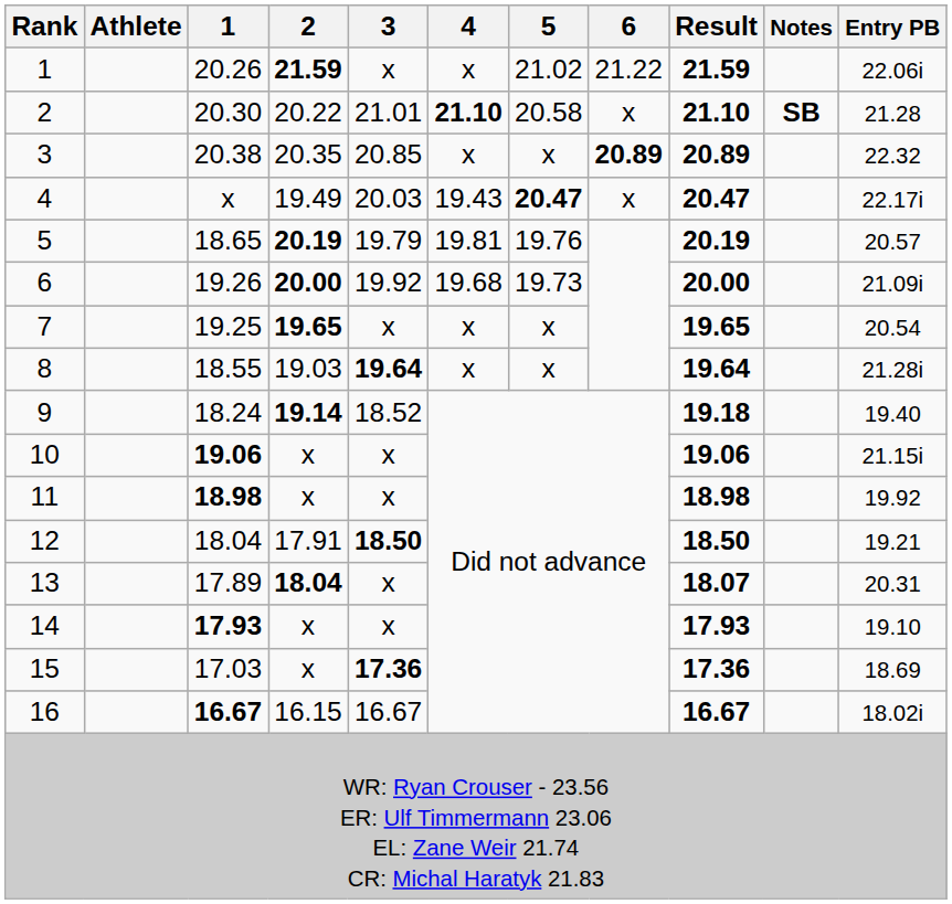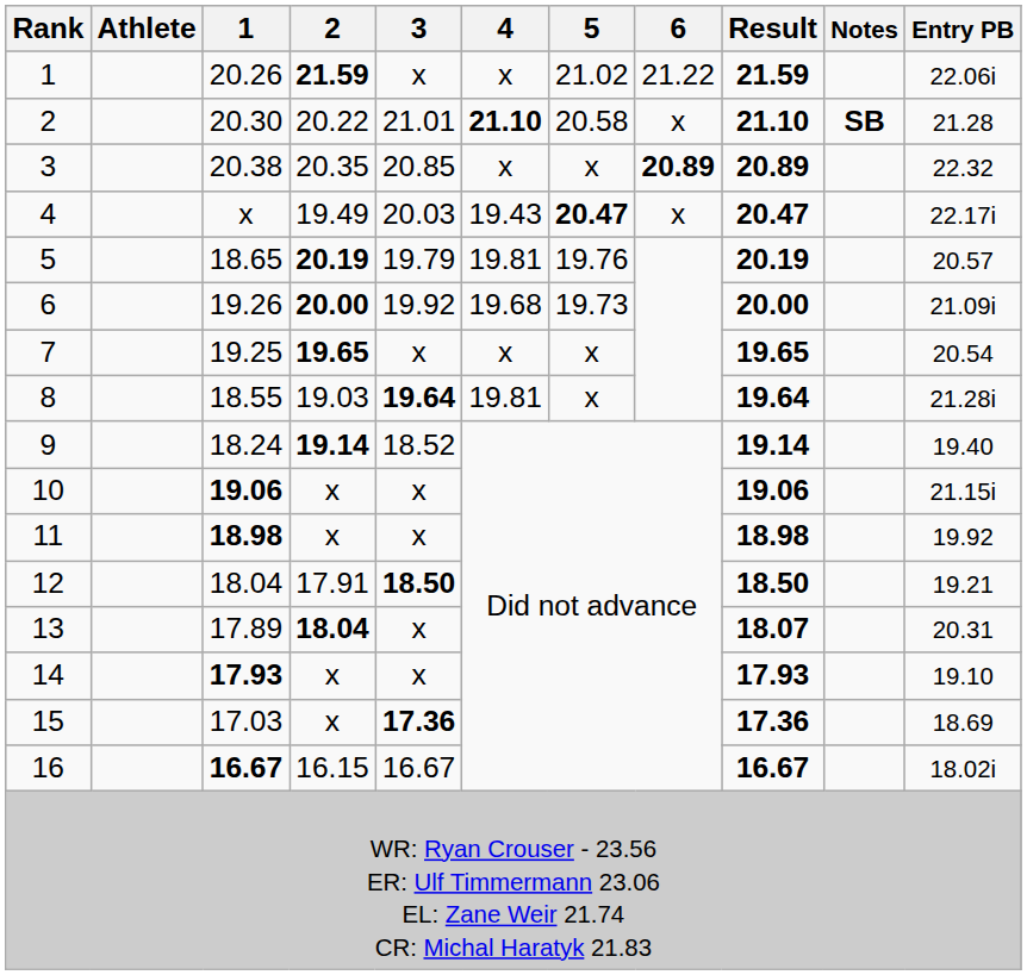 <table class="wikitable sortable" style="text-align:center;">
 <tr>
 <th>Rank</th>
 <th>Athlete</th>
 <th>1</th>
 <th>2</th>
 <th>3</th>
 <th>4</th>
 <th>5</th>
 <th>6</th>
 <th>Result</th>
 <th><small>Notes</small></th>
 <th><small>Entry PB</small></th>
 </tr>
 <tr>
 <td>1</td>
 <td align=left></td>
 <td>20.26</td>
 <td><strong>21.59</strong></td>
 <td>x</td>
 <td>x</td>
 <td>21.02</td>
 <td>21.22</td>
 <td><strong>21.59</strong></td>
 <td></td>
 <td><small>22.06i</small></td>
 </tr>
 <tr>
 <td>2</td>
 <td align=left></td>
 <td>20.30</td>
 <td>20.22</td>
 <td>21.01</td>
 <td><strong>21.10</strong></td>
 <td>20.58</td>
 <td>x</td>
 <td><strong>21.10</strong></td>
 <td> <strong>SB</strong></td>
 <td><small>21.28</small></td>
 </tr>
 <tr>
 <td>3</td>
 <td align=left></td>
 <td>20.38</td>
 <td>20.35</td>
 <td>20.85</td>
 <td>x</td>
 <td>x</td>
 <td><strong>20.89</strong></td>
 <td><strong>20.89</strong></td>
 <td></td>
 <td><small>22.32</small></td>
 </tr>
 <tr>
 <td>4</td>
 <td align=left></td>
 <td>x</td>
 <td>19.49</td>
 <td>20.03</td>
 <td>19.43</td>
 <td><strong>20.47</strong></td>
 <td>x</td>
 <td><strong>20.47</strong></td>
 <td></td>
 <td><small>22.17i</small></td>
 </tr>
 <tr>
 <td>5</td>
 <td align=left></td>
 <td>18.65</td>
 <td><strong>20.19</strong></td>
 <td>19.79</td>
 <td>19.81</td>
 <td>19.76</td>
 <td rowspan=4></td>
 <td><strong>20.19</strong></td>
 <td></td>
 <td><small>20.57</small></td>
 </tr>
 <tr>
 <td>6</td>
 <td align=left></td>
 <td>19.26</td>
 <td><strong>20.00</strong></td>
 <td>19.92</td>
 <td>19.68</td>
 <td>19.73</td>
 <td><strong>20.00</strong></td>
 <td></td>
 <td><small>21.09i</small></td>
 </tr>
 <tr>
 <td>7</td>
 <td align=left></td>
 <td>19.25</td>
 <td><strong>19.65</strong></td>
 <td>x</td>
 <td>x</td>
 <td>x</td>
 <td><strong>19.65</strong></td>
 <td></td>
 <td><small>20.54</small></td>
 </tr>
 <tr>
 <td>8</td>
 <td align=left></td>
 <td>18.55</td>
 <td>19.03</td>
 <td><strong>19.64</strong></td>
-<td>x</td>
+<td>19.81</td>
 <td>x</td>
 <td><strong>19.64</strong></td>
 <td></td>
 <td><small>21.28i</small></td>
 </tr>
 <tr>
 <td>9</td>
 <td align=left></td>
 <td>18.24</td>
 <td><strong>19.14</strong></td>
 <td>18.52</td>
 <td rowspan=8 colspan=3>Did not advance</td>
-<td><strong>19.18</strong></td>
+<td><strong>19.14</strong></td>
 <td></td>
 <td><small>19.40</small></td>
 </tr>
 <tr>
 <td>10</td>
 <td align=left></td>
 <td><strong>19.06</strong></td>
 <td>x</td>
 <td>x</td>
 <td><strong>19.06</strong></td>
 <td></td>
 <td><small>21.15i</small></td>
 </tr>
 <tr>
 <td>11</td>
 <td align=left></td>
 <td><strong>18.98</strong></td>
 <td>x</td>
 <td>x</td>
 <td><strong>18.98</strong></td>
 <td></td>
 <td><small>19.92</small></td>
 </tr>
 <tr>
 <td>12</td>
 <td align=left></td>
 <td>18.04</td>
 <td>17.91</td>
 <td><strong>18.50</strong></td>
 <td><strong>18.50</strong></td>
 <td></td>
 <td><small>19.21</small></td>
 </tr>
 <tr>
 <td>13</td>
 <td align=left></td>
 <td>17.89</td>
 <td><strong>18.04</strong></td>
 <td>x</td>
 <td><strong>18.07</strong></td>
 <td></td>
 <td><small>20.31</small></td>
 </tr>
 <tr>
 <td>14</td>
 <td align=left></td>
 <td><strong>17.93</strong></td>
 <td>x</td>
 <td>x</td>
 <td><strong>17.93</strong></td>
 <td></td>
 <td><small>19.10</small></td>
 </tr>
 <tr>
 <td>15</td>
 <td align=left></td>
 <td>17.03</td>
 <td>x</td>
 <td><strong>17.36</strong></td>
 <td><strong>17.36</strong></td>
 <td></td>
 <td><small>18.69</small></td>
 </tr>
 <tr>
 <td>16</td>
 <td align=left></td>
 <td><strong>16.67</strong></td>
 <td>16.15</td>
 <td>16.67</td>
 <td><strong>16.67</strong></td>
 <td></td>
 <td><small>18.02i</small></td>
 </tr>
 <tr class="sortbottom">
 <td colspan="11" bgcolor="#cccccc"><br> <small>WR:   <a href='#'>Ryan Crouser</a> - 23.56<br>ER:  <a href='#'>Ulf Timmermann</a> 23.06<br></small> <small>EL:   <a href='#'>Zane Weir</a> 21.74<br>CR:  <a href='#'>Michal Haratyk</a> 21.83</small></td>
 </tr>
 </table>
